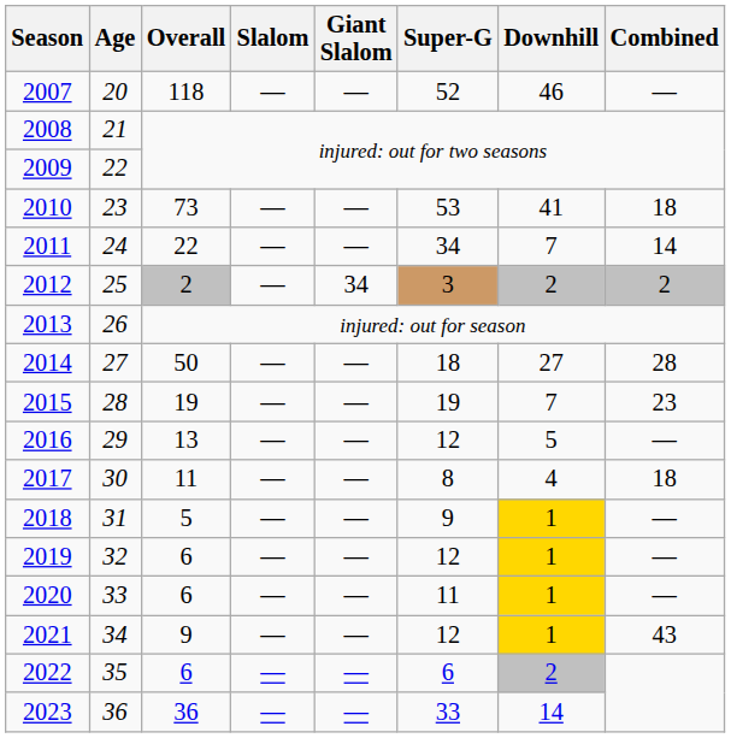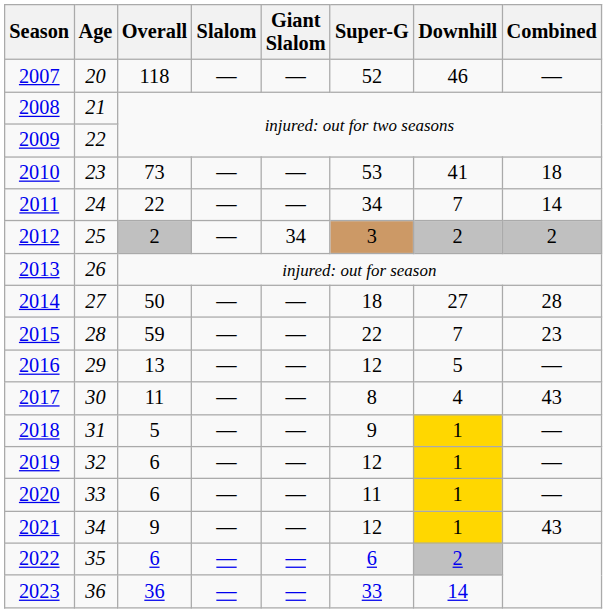 <table class=wikitable style="text-align:center">
 <tr>
 <th>Season</th>
 <th>Age</th>
 <th>Overall</th>
 <th>Slalom</th>
 <th>Giant<br>Slalom</th>
 <th>Super-G</th>
 <th>Downhill</th>
 <th>Combined</th>
 </tr>
 <tr>
 <td><a href='#'>2007</a></td>
 <td><em>20</em></td>
 <td>118</td>
 <td>—</td>
 <td>—</td>
 <td>52</td>
 <td>46</td>
 <td>—</td>
 </tr>
 <tr>
 <td><a href='#'>2008</a></td>
 <td><em>21</em></td>
 <td rowspan=2 colspan=6><small><em>injured: out for two seasons</em></small></td>
 </tr>
 <tr>
 <td><a href='#'>2009</a></td>
 <td><em>22</em></td>
 </tr>
 <tr>
 <td><a href='#'>2010</a></td>
 <td><em>23</em></td>
 <td>73</td>
 <td>—</td>
 <td>—</td>
 <td>53</td>
 <td>41</td>
 <td>18</td>
 </tr>
 <tr>
 <td><a href='#'>2011</a></td>
 <td><em>24</em></td>
 <td>22</td>
 <td>—</td>
 <td>—</td>
 <td>34</td>
 <td>7</td>
 <td>14</td>
 </tr>
 <tr>
 <td><a href='#'>2012</a></td>
 <td><em>25</em></td>
 <td bgcolor="silver">2</td>
 <td>—</td>
 <td>34</td>
 <td bgcolor="cc9966">3</td>
 <td bgcolor="silver">2</td>
 <td bgcolor="silver">2</td>
 </tr>
 <tr>
 <td><a href='#'>2013</a></td>
 <td><em>26</em></td>
 <td rowspan=1 colspan=6><small><em>injured: out for season</em></small></td>
 </tr>
 <tr>
 <td><a href='#'>2014</a></td>
 <td><em>27</em></td>
 <td>50</td>
 <td>—</td>
 <td>—</td>
 <td>18</td>
 <td>27</td>
 <td>28</td>
 </tr>
 <tr>
 <td><a href='#'>2015</a></td>
 <td><em>28</em></td>
-<td>19</td>
+<td>59</td>
 <td>—</td>
 <td>—</td>
-<td>19</td>
+<td>22</td>
 <td>7</td>
 <td>23</td>
 </tr>
 <tr>
 <td><a href='#'>2016</a></td>
 <td><em>29</em></td>
 <td>13</td>
 <td>—</td>
 <td>—</td>
 <td>12</td>
 <td>5</td>
 <td>—</td>
 </tr>
 <tr>
 <td><a href='#'>2017</a></td>
 <td><em>30</em></td>
 <td>11</td>
 <td>—</td>
 <td>—</td>
 <td>8</td>
 <td>4</td>
-<td>18</td>
+<td>43</td>
 </tr>
 <tr>
 <td><a href='#'>2018</a></td>
 <td><em>31</em></td>
 <td>5</td>
 <td>—</td>
 <td>—</td>
 <td>9</td>
 <td bgcolor=gold>1</td>
 <td>—</td>
 </tr>
 <tr>
 <td><a href='#'>2019</a></td>
 <td><em>32</em></td>
 <td>6</td>
 <td>—</td>
 <td>—</td>
 <td>12</td>
 <td bgcolor=gold>1</td>
 <td>—</td>
 </tr>
 <tr>
 <td><a href='#'>2020</a></td>
 <td><em>33</em></td>
 <td>6</td>
 <td>—</td>
 <td>—</td>
 <td>11</td>
 <td bgcolor=gold>1</td>
 <td>—</td>
 </tr>
 <tr>
 <td><a href='#'>2021</a></td>
 <td><em>34</em></td>
 <td>9</td>
 <td>—</td>
 <td>—</td>
 <td>12</td>
 <td bgcolor=gold>1</td>
 <td>43</td>
 </tr>
 <tr>
 <td><a href='#'>2022</a></td>
 <td><em>35</em></td>
 <td><a href='#'>6</a></td>
 <td><a href='#'>—</a></td>
 <td><a href='#'>—</a></td>
 <td><a href='#'>6</a></td>
 <td bgcolor="silver"><a href='#'>2</a></td>
 </tr>
 <tr>
 <td><a href='#'>2023</a></td>
 <td><em>36</em></td>
 <td><a href='#'>36</a></td>
 <td><a href='#'>—</a></td>
 <td><a href='#'>—</a></td>
 <td><a href='#'>33</a></td>
 <td><a href='#'>14</a></td>
 </tr>
 </table>
